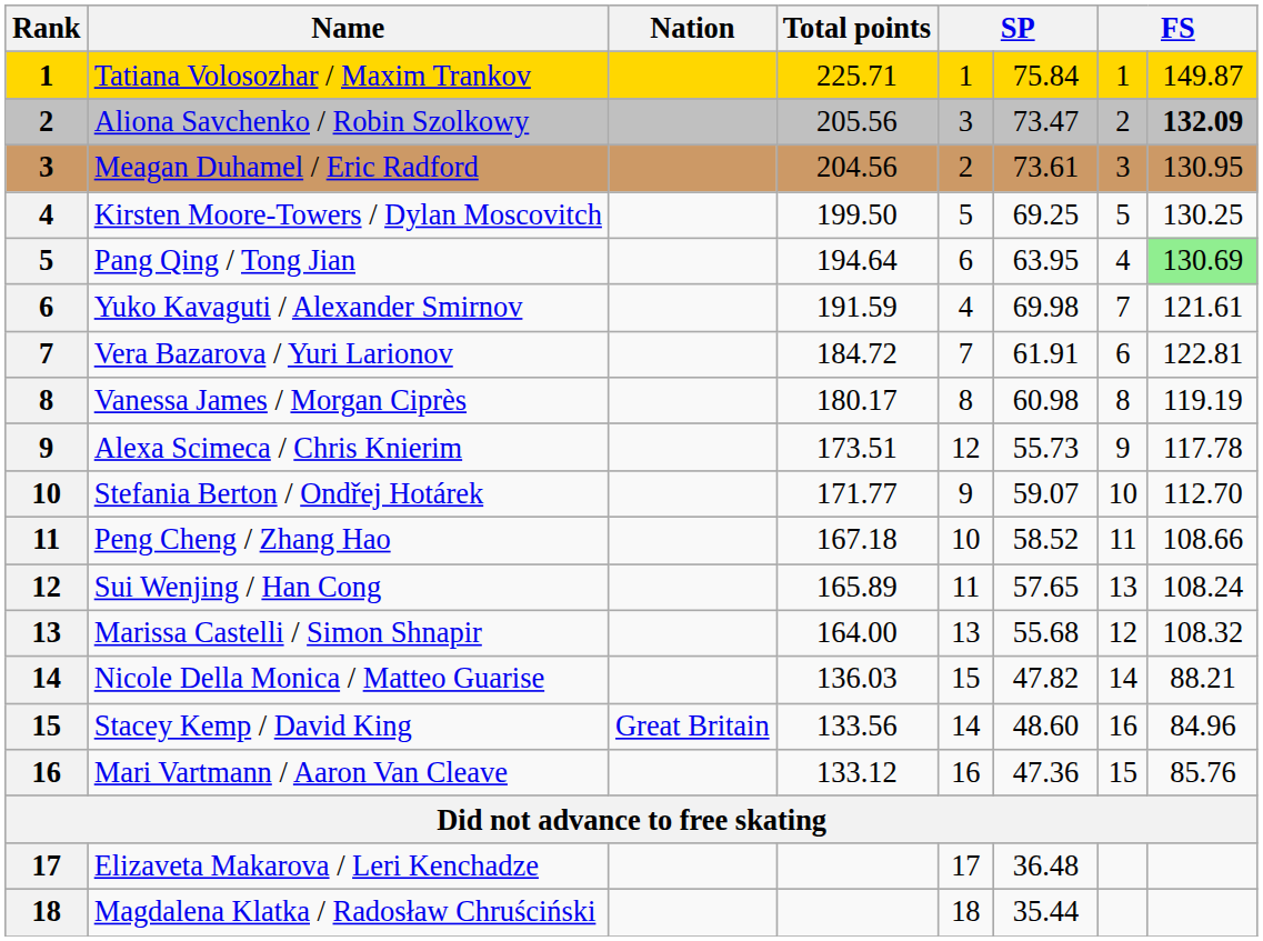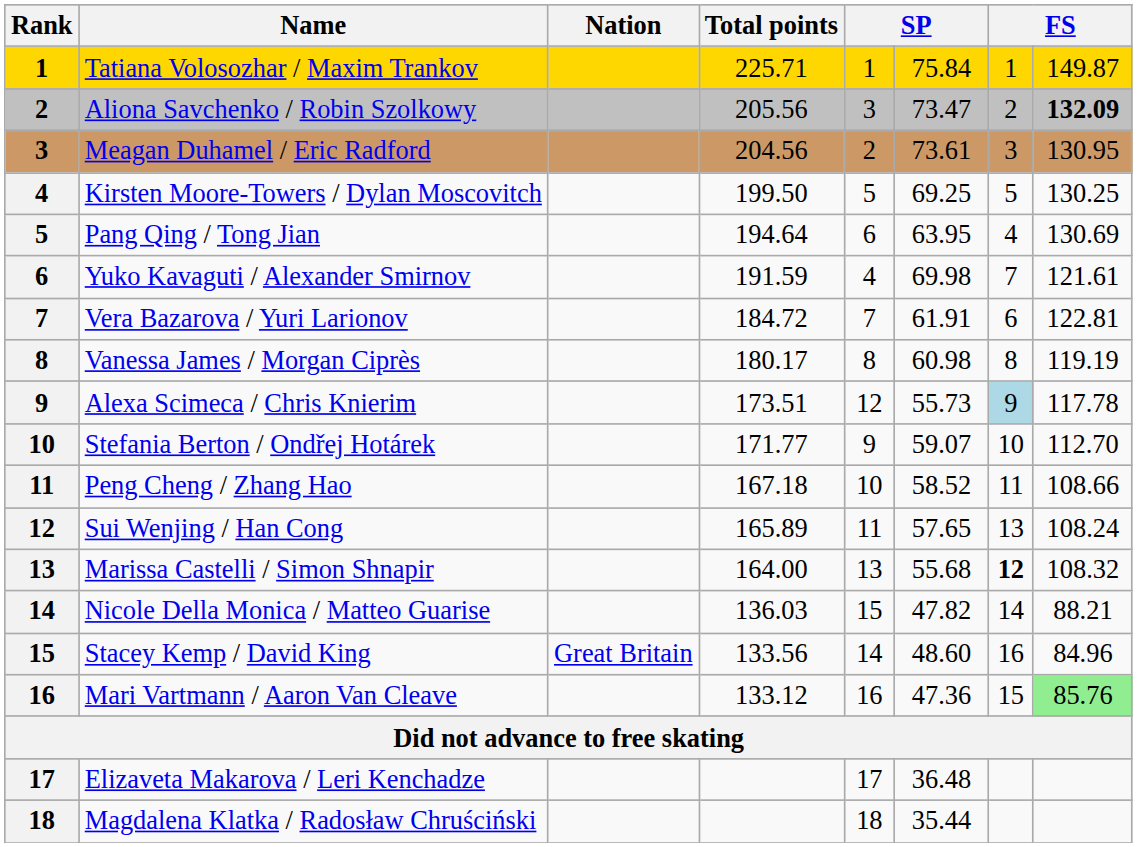 <table class="wikitable sortable">
 <tr>
 <th>Rank</th>
 <th>Name</th>
 <th>Nation</th>
 <th>Total points</th>
 <th colspan="2" width="80px"><a href='#'>SP</a></th>
 <th colspan="2" width="80px"><a href='#'>FS</a></th>
 </tr>
 <tr bgcolor="gold">
 <td align="center"><strong>1</strong></td>
 <td><a href='#'>Tatiana Volosozhar</a> / <a href='#'>Maxim Trankov</a></td>
 <td></td>
 <td align="center">225.71</td>
 <td align="center">1</td>
 <td align="center">75.84</td>
 <td align="center">1</td>
 <td align="center">149.87</td>
 </tr>
 <tr bgcolor="silver">
 <td align="center"><strong>2</strong></td>
 <td><a href='#'>Aliona Savchenko</a> / <a href='#'>Robin Szolkowy</a></td>
 <td></td>
 <td align="center">205.56</td>
 <td align="center">3</td>
 <td align="center">73.47</td>
 <td align="center">2</td>
 <td align="center"><strong>132.09</strong></td>
 </tr>
 <tr bgcolor="cc9966">
 <td align="center"><strong>3</strong></td>
 <td><a href='#'>Meagan Duhamel</a> / <a href='#'>Eric Radford</a></td>
 <td></td>
 <td align="center">204.56</td>
 <td align="center">2</td>
 <td align="center">73.61</td>
 <td align="center">3</td>
 <td align="center">130.95</td>
 </tr>
 <tr>
 <th>4</th>
 <td><a href='#'>Kirsten Moore-Towers</a> / <a href='#'>Dylan Moscovitch</a></td>
 <td></td>
 <td align="center">199.50</td>
 <td align="center">5</td>
 <td align="center">69.25</td>
 <td align="center">5</td>
 <td align="center">130.25</td>
 </tr>
 <tr>
 <th>5</th>
 <td><a href='#'>Pang Qing</a> / <a href='#'>Tong Jian</a></td>
 <td></td>
 <td align="center">194.64</td>
 <td align="center">6</td>
 <td align="center">63.95</td>
 <td align="center">4</td>
-<td align="center" style="background: lightgreen;">130.69</td>
+<td align="center">130.69</td>
 </tr>
 <tr>
 <th>6</th>
 <td><a href='#'>Yuko Kavaguti</a> / <a href='#'>Alexander Smirnov</a></td>
 <td></td>
 <td align="center">191.59</td>
 <td align="center">4</td>
 <td align="center">69.98</td>
 <td align="center">7</td>
 <td align="center">121.61</td>
 </tr>
 <tr>
 <th>7</th>
 <td><a href='#'>Vera Bazarova</a> / <a href='#'>Yuri Larionov</a></td>
 <td></td>
 <td align="center">184.72</td>
 <td align="center">7</td>
 <td align="center">61.91</td>
 <td align="center">6</td>
 <td align="center">122.81</td>
 </tr>
 <tr>
 <th>8</th>
 <td><a href='#'>Vanessa James</a> / <a href='#'>Morgan Ciprès</a></td>
 <td></td>
 <td align="center">180.17</td>
 <td align="center">8</td>
 <td align="center">60.98</td>
 <td align="center">8</td>
 <td align="center">119.19</td>
 </tr>
 <tr>
 <th>9</th>
 <td><a href='#'>Alexa Scimeca</a> / <a href='#'>Chris Knierim</a></td>
 <td></td>
 <td align="center">173.51</td>
 <td align="center">12</td>
 <td align="center">55.73</td>
-<td align="center">9</td>
+<td align="center" style="background: lightblue;">9</td>
 <td align="center">117.78</td>
 </tr>
 <tr>
 <th>10</th>
 <td><a href='#'>Stefania Berton</a> / <a href='#'>Ondřej Hotárek</a></td>
 <td></td>
 <td align="center">171.77</td>
 <td align="center">9</td>
 <td align="center">59.07</td>
 <td align="center">10</td>
 <td align="center">112.70</td>
 </tr>
 <tr>
 <th>11</th>
 <td><a href='#'>Peng Cheng</a> / <a href='#'>Zhang Hao</a></td>
 <td></td>
 <td align="center">167.18</td>
 <td align="center">10</td>
 <td align="center">58.52</td>
 <td align="center">11</td>
 <td align="center">108.66</td>
 </tr>
 <tr>
 <th>12</th>
 <td><a href='#'>Sui Wenjing</a> / <a href='#'>Han Cong</a></td>
 <td></td>
 <td align="center">165.89</td>
 <td align="center">11</td>
 <td align="center">57.65</td>
 <td align="center">13</td>
 <td align="center">108.24</td>
 </tr>
 <tr>
 <th>13</th>
 <td><a href='#'>Marissa Castelli</a> / <a href='#'>Simon Shnapir</a></td>
 <td></td>
 <td align="center">164.00</td>
 <td align="center">13</td>
 <td align="center">55.68</td>
-<td align="center">12</td>
+<td align="center"><strong>12</strong></td>
 <td align="center">108.32</td>
 </tr>
 <tr>
 <th>14</th>
 <td><a href='#'>Nicole Della Monica</a> / <a href='#'>Matteo Guarise</a></td>
 <td></td>
 <td align="center">136.03</td>
 <td align="center">15</td>
 <td align="center">47.82</td>
 <td align="center">14</td>
 <td align="center">88.21</td>
 </tr>
 <tr>
 <th>15</th>
 <td><a href='#'>Stacey Kemp</a> / <a href='#'>David King</a></td>
 <td> <a href='#'>Great Britain</a></td>
 <td align="center">133.56</td>
 <td align="center">14</td>
 <td align="center">48.60</td>
 <td align="center">16</td>
 <td align="center">84.96</td>
 </tr>
 <tr>
 <th>16</th>
 <td><a href='#'>Mari Vartmann</a> / <a href='#'>Aaron Van Cleave</a></td>
 <td></td>
 <td align="center">133.12</td>
 <td align="center">16</td>
 <td align="center">47.36</td>
 <td align="center">15</td>
-<td align="center">85.76</td>
+<td align="center" style="background: lightgreen;">85.76</td>
 </tr>
 <tr>
 <th colspan="10">Did not advance to free skating</th>
 </tr>
 <tr>
 <th>17</th>
 <td><a href='#'>Elizaveta Makarova</a> / <a href='#'>Leri Kenchadze</a></td>
 <td></td>
 <td align="center"></td>
 <td align="center">17</td>
 <td align="center">36.48</td>
 <td align="center"></td>
 <td align="center"></td>
 </tr>
 <tr>
 <th>18</th>
 <td><a href='#'>Magdalena Klatka</a> / <a href='#'>Radosław Chruściński</a></td>
 <td></td>
 <td align="center"></td>
 <td align="center">18</td>
 <td align="center">35.44</td>
 <td align="center"></td>
 <td align="center"></td>
 </tr>
 </table>
